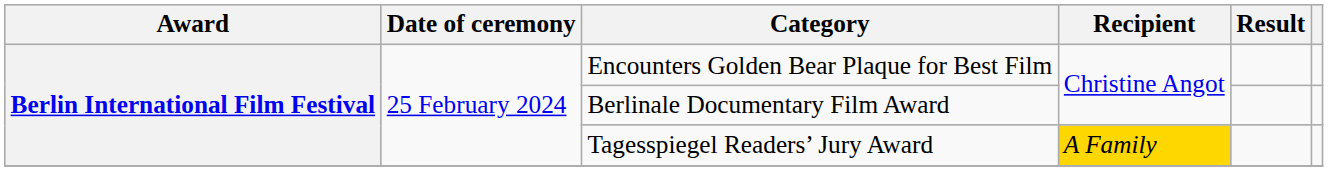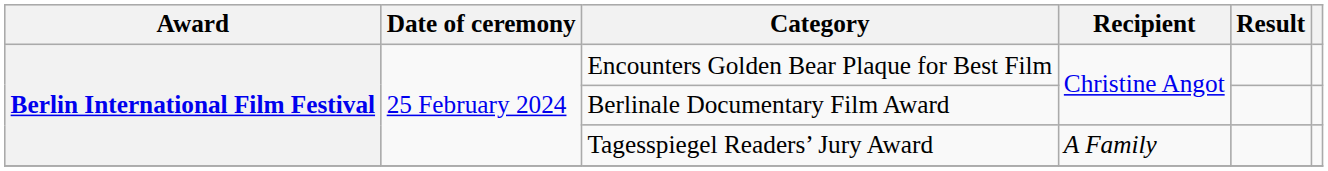 <table class="wikitable sortable plainrowheaders">
 <tr>
 <th>Award</th>
 <th>Date of ceremony</th>
 <th>Category</th>
 <th>Recipient</th>
 <th>Result</th>
 <th></th>
 </tr>
 <tr>
 <th scope="row" rowspan="3"><a href='#'>Berlin International Film Festival</a></th>
 <td rowspan="3"><a href='#'>25 February 2024</a></td>
 <td>Encounters Golden Bear Plaque for Best Film</td>
 <td rowspan="2"><a href='#'>Christine Angot</a></td>
 <td></td>
 <td align="center" rowspan="1"></td>
 </tr>
 <tr>
 <td>Berlinale Documentary Film Award</td>
 <td></td>
 <td align="center"></td>
 </tr>
 <tr>
 <td>Tagesspiegel Readers’ Jury Award</td>
-<td style="background: gold;"><em> A Family</em></td>
+<td><em> A Family</em></td>
 <td></td>
 <td align="center" rowspan="1"></td>
 </tr>
 <tr>
 </tr>
 </table>
